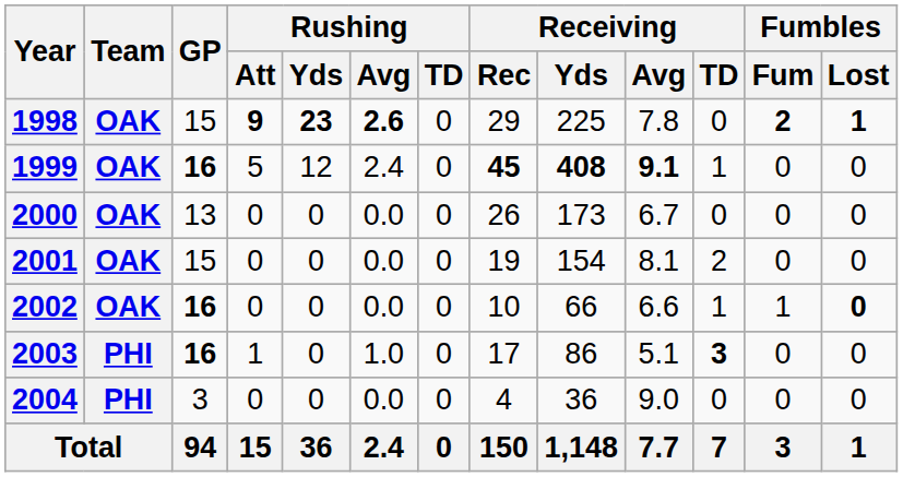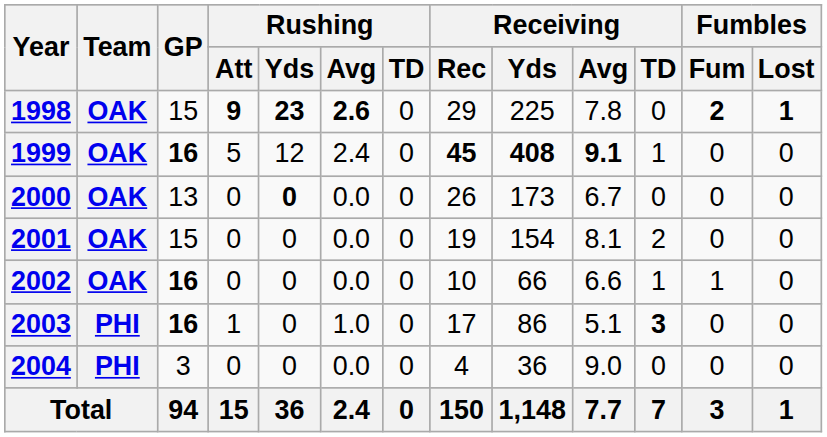 <table class="wikitable" style="text-align:center;">
 <tr>
 <th rowspan="2">Year</th>
 <th rowspan="2">Team</th>
 <th rowspan="2">GP</th>
 <th colspan="4">Rushing</th>
 <th colspan="4">Receiving</th>
 <th colspan="2">Fumbles</th>
 </tr>
 <tr>
 <th>Att</th>
 <th>Yds</th>
 <th>Avg</th>
 <th>TD</th>
 <th>Rec</th>
 <th>Yds</th>
 <th>Avg</th>
 <th>TD</th>
 <th>Fum</th>
 <th>Lost</th>
 </tr>
 <tr>
 <th><a href='#'>1998</a></th>
 <th><a href='#'>OAK</a></th>
 <td>15</td>
 <td><strong>9</strong></td>
 <td><strong>23</strong></td>
 <td><strong>2.6</strong></td>
 <td>0</td>
 <td>29</td>
 <td>225</td>
 <td>7.8</td>
 <td>0</td>
 <td><strong>2</strong></td>
 <td><strong>1</strong></td>
 </tr>
 <tr>
 <th><a href='#'>1999</a></th>
 <th><a href='#'>OAK</a></th>
 <td><strong>16</strong></td>
 <td>5</td>
 <td>12</td>
 <td>2.4</td>
 <td>0</td>
 <td><strong>45</strong></td>
 <td><strong>408</strong></td>
 <td><strong>9.1</strong></td>
 <td>1</td>
 <td>0</td>
 <td>0</td>
 </tr>
 <tr>
 <th><a href='#'>2000</a></th>
 <th><a href='#'>OAK</a></th>
 <td>13</td>
 <td>0</td>
-<td>0</td>
+<td><strong>0</strong></td>
 <td>0.0</td>
 <td>0</td>
 <td>26</td>
 <td>173</td>
 <td>6.7</td>
 <td>0</td>
 <td>0</td>
 <td>0</td>
 </tr>
 <tr>
 <th><a href='#'>2001</a></th>
 <th><a href='#'>OAK</a></th>
 <td>15</td>
 <td>0</td>
 <td>0</td>
 <td>0.0</td>
 <td>0</td>
 <td>19</td>
 <td>154</td>
 <td>8.1</td>
 <td>2</td>
 <td>0</td>
 <td>0</td>
 </tr>
 <tr>
 <th><a href='#'>2002</a></th>
 <th><a href='#'>OAK</a></th>
 <td><strong>16</strong></td>
 <td>0</td>
 <td>0</td>
 <td>0.0</td>
 <td>0</td>
 <td>10</td>
 <td>66</td>
 <td>6.6</td>
 <td>1</td>
 <td>1</td>
-<td><strong>0</strong></td>
+<td>0</td>
 </tr>
 <tr>
 <th><a href='#'>2003</a></th>
 <th><a href='#'>PHI</a></th>
 <td><strong>16</strong></td>
 <td>1</td>
 <td>0</td>
 <td>1.0</td>
 <td>0</td>
 <td>17</td>
 <td>86</td>
 <td>5.1</td>
 <td><strong>3</strong></td>
 <td>0</td>
 <td>0</td>
 </tr>
 <tr>
 <th><a href='#'>2004</a></th>
 <th><a href='#'>PHI</a></th>
 <td>3</td>
 <td>0</td>
 <td>0</td>
 <td>0.0</td>
 <td>0</td>
 <td>4</td>
 <td>36</td>
 <td>9.0</td>
 <td>0</td>
 <td>0</td>
 <td>0</td>
 </tr>
 <tr>
 <th colspan="2">Total</th>
 <th>94</th>
 <th>15</th>
 <th>36</th>
 <th>2.4</th>
 <th>0</th>
 <th>150</th>
 <th>1,148</th>
 <th>7.7</th>
 <th>7</th>
 <th>3</th>
 <th>1</th>
 </tr>
 </table>
